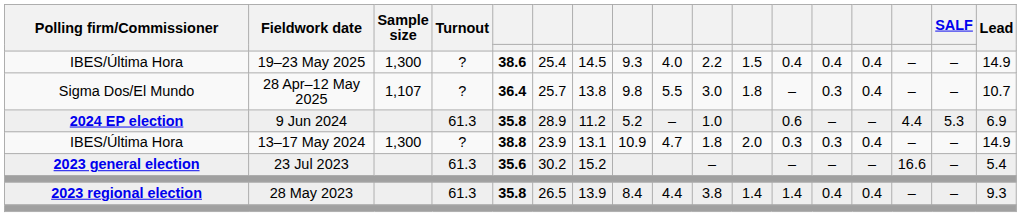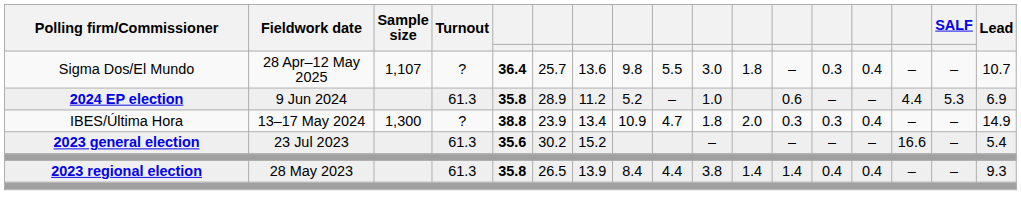 <table class="wikitable collapsible" style="text-align:center; font-size:95%; line-height:16px;">
 <tr style="height:42px;">
 <th style="width:250px;" rowspan="2">Polling firm/Commissioner</th>
 <th style="width:125px;" rowspan="2">Fieldwork date</th>
 <th style="width:50px;" rowspan="2">Sample size</th>
 <th style="width:45px;" rowspan="2">Turnout</th>
 <th style="width:35px;"></th>
 <th style="width:35px;"></th>
 <th style="width:35px;"></th>
 <th style="width:35px;"></th>
 <th style="width:35px;"></th>
 <th style="width:35px;"></th>
 <th style="width:35px;"></th>
 <th style="width:35px;"></th>
 <th style="width:35px;"></th>
 <th style="width:35px;"></th>
 <th style="width:35px;"></th>
 <th style="width:35px;"><a href='#'>SALF</a></th>
 <th style="width:30px;" rowspan="2">Lead</th>
 </tr>
 <tr>
 <th style="color:inherit;background:"></th>
 <th style="color:inherit;background:"></th>
 <th style="color:inherit;background:"></th>
 <th style="color:inherit;background:"></th>
 <th style="color:inherit;background:"></th>
 <th style="color:inherit;background:"></th>
 <th style="color:inherit;background:"></th>
 <th style="color:inherit;background:"></th>
 <th style="color:inherit;background:"></th>
 <th style="color:inherit;background:"></th>
 <th style="color:inherit;background:"></th>
 <th style="color:inherit;background:"></th>
 </tr>
 <tr>
-<td>IBES/Última Hora</td>
-<td>19–23 May 2025</td>
-<td>1,300</td>
-<td>?</td>
-<td><strong>38.6</strong><br></td>
-<td>25.4<br></td>
-<td>14.5<br></td>
-<td>9.3<br></td>
-<td>4.0<br></td>
-<td>2.2<br></td>
-<td>1.5<br></td>
-<td>0.4<br></td>
-<td>0.4<br></td>
-<td>0.4<br></td>
-<td>–</td>
-<td>–</td>
-<td style="background:">14.9</td>
-</tr>
-<tr>
 <td>Sigma Dos/El Mundo</td>
 <td>28 Apr–12 May 2025</td>
 <td>1,107</td>
 <td>?</td>
 <td><strong>36.4</strong><br></td>
 <td>25.7<br></td>
-<td>13.8<br></td>
+<td>13.6<br></td>
 <td>9.8<br></td>
 <td>5.5<br></td>
 <td>3.0<br></td>
 <td>1.8<br></td>
 <td>–</td>
 <td>0.3<br></td>
 <td>0.4<br></td>
 <td>–</td>
 <td>–</td>
 <td style="background:">10.7</td>
 </tr>
 <tr style="background:#EFEFEF;">
 <td><strong><a href='#'>2024 EP election</a></strong></td>
 <td>9 Jun 2024</td>
 <td></td>
 <td>61.3</td>
 <td><strong>35.8</strong><br></td>
 <td>28.9<br></td>
 <td>11.2<br></td>
 <td>5.2<br></td>
 <td>–</td>
 <td>1.0<br></td>
 <td></td>
 <td>0.6<br></td>
 <td>–</td>
 <td>–</td>
 <td>4.4<br></td>
 <td>5.3<br></td>
 <td style="background:">6.9</td>
 </tr>
 <tr>
 <td>IBES/Última Hora</td>
 <td>13–17 May 2024</td>
 <td>1,300</td>
 <td>?</td>
 <td><strong>38.8</strong><br></td>
 <td>23.9<br></td>
-<td>13.1<br></td>
+<td>13.4<br></td>
 <td>10.9<br></td>
 <td>4.7<br></td>
 <td>1.8<br></td>
 <td>2.0<br></td>
 <td>0.3<br></td>
 <td>0.3<br></td>
 <td>0.4<br></td>
 <td>–</td>
 <td>–</td>
 <td style="background:">14.9</td>
 </tr>
 <tr style="background:#EFEFEF;">
 <td><strong><a href='#'>2023 general election</a></strong></td>
 <td>23 Jul 2023</td>
 <td></td>
 <td>61.3</td>
 <td><strong>35.6</strong><br></td>
 <td>30.2<br></td>
 <td>15.2<br></td>
 <td></td>
 <td></td>
 <td>–</td>
 <td></td>
 <td>–</td>
 <td>–</td>
 <td>–</td>
 <td>16.6<br></td>
 <td>–</td>
 <td style="background:">5.4</td>
 </tr>
 <tr>
 <td colspan="17" style="background:#A0A0A0"></td>
 </tr>
 <tr style="background:#EFEFEF;">
 <td><strong><a href='#'>2023 regional election</a></strong></td>
 <td>28 May 2023</td>
 <td></td>
 <td>61.3</td>
 <td><strong>35.8</strong><br></td>
 <td>26.5<br></td>
 <td>13.9<br></td>
 <td>8.4<br></td>
 <td>4.4<br></td>
 <td>3.8<br></td>
 <td>1.4<br></td>
 <td>1.4<br></td>
 <td>0.4<br></td>
 <td>0.4<br></td>
 <td>–</td>
 <td>–</td>
 <td style="background:">9.3</td>
 </tr>
 <tr>
 <td colspan="17" style="background:#A0A0A0"></td>
 </tr>
 </table>
